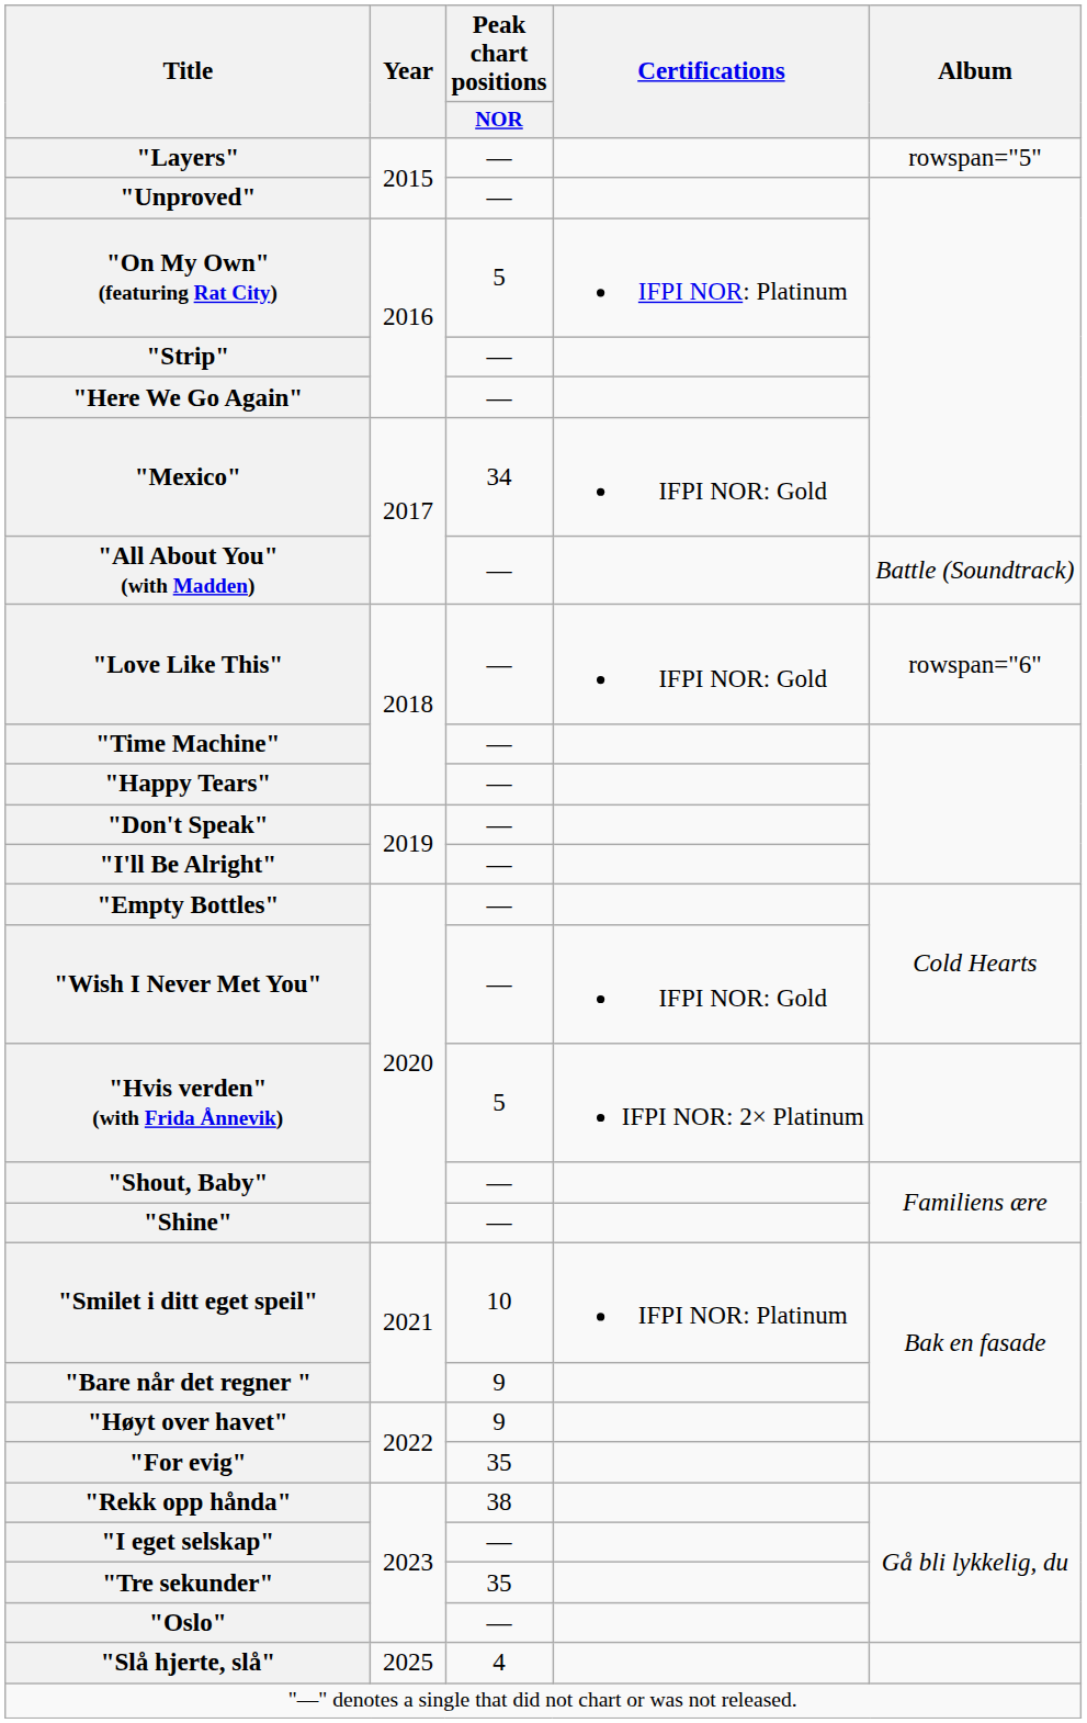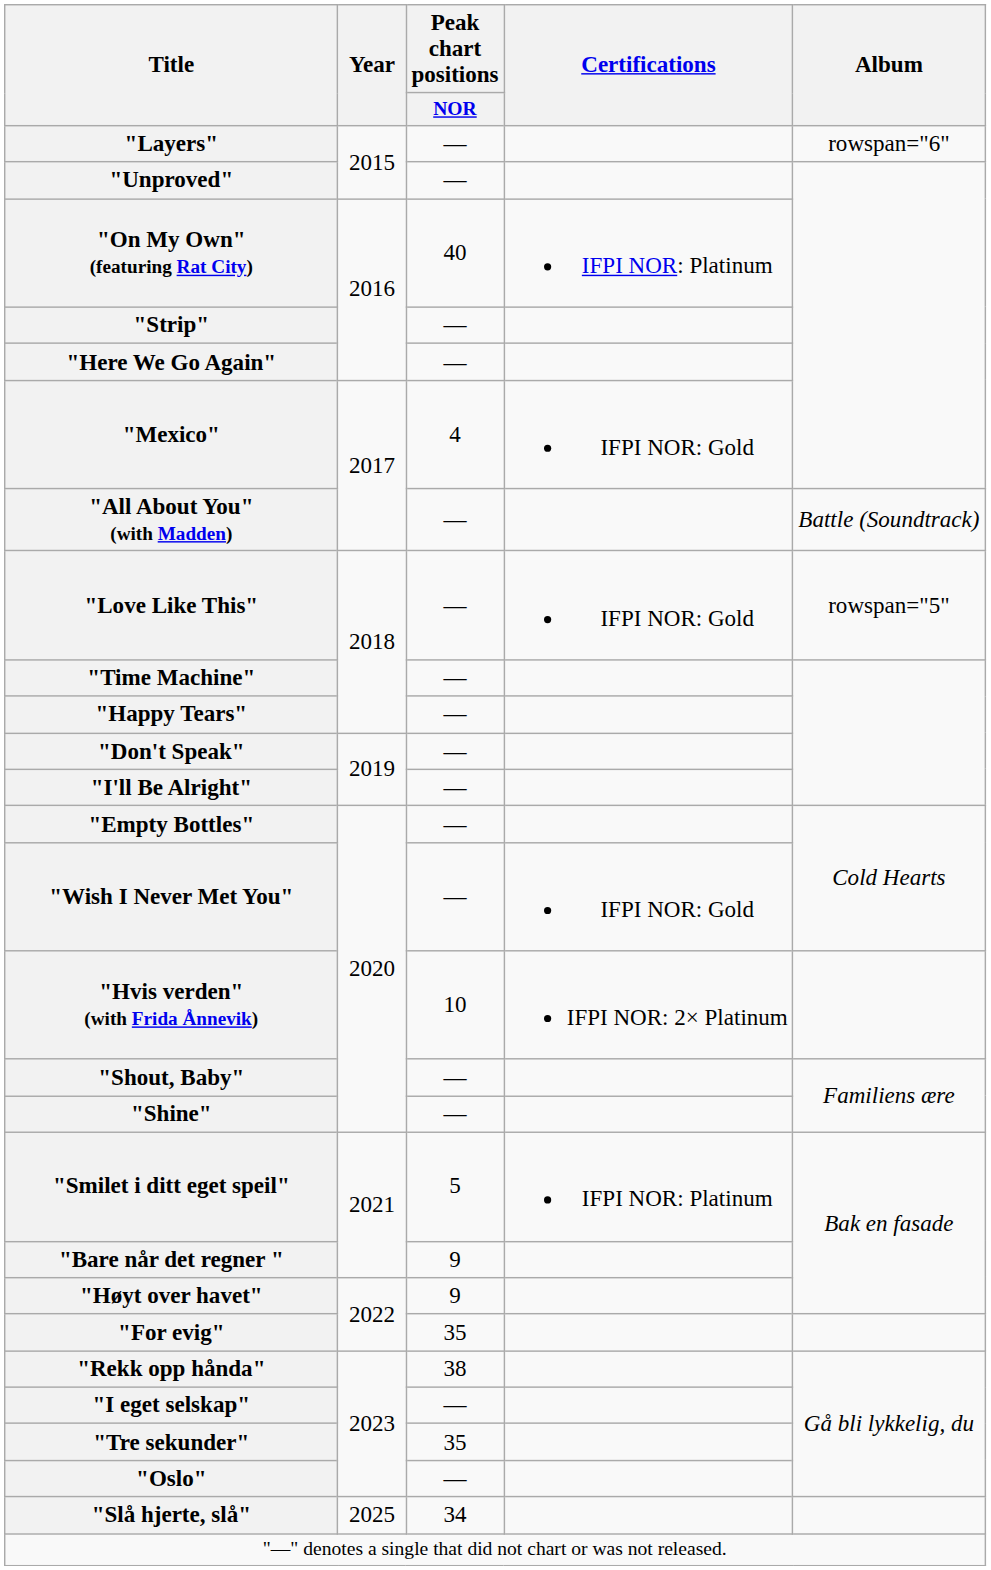 <table class="wikitable plainrowheaders" style="text-align:center;">
 <tr>
 <th scope="col" rowspan="2" style="width:14em;">Title</th>
 <th scope="col" rowspan="2" style="width:2.5em;">Year</th>
 <th scope="col" colspan="1">Peak chart positions</th>
 <th scope="col" rowspan="2"><a href='#'>Certifications</a></th>
 <th scope="col" rowspan="2">Album</th>
 </tr>
 <tr>
 <th scope="col" style="width:3.5em;font-size:85%"><a href='#'>NOR</a><br></th>
 </tr>
 <tr>
 <th scope="row">"Layers"</th>
 <td rowspan="2">2015</td>
 <td>—</td>
 <td></td>
-<td>rowspan="5" </td>
+<td>rowspan="6" </td>
 </tr>
 <tr>
 <th scope="row">"Unproved"</th>
 <td>—</td>
 <td></td>
 </tr>
 <tr>
 <th scope="row">"On My Own"<br><small>(featuring <a href='#'>Rat City</a>)</small></th>
 <td rowspan="3">2016</td>
-<td>5<br></td>
+<td>40<br></td>
 <td><br><ul><li><a href='#'>IFPI NOR</a>: Platinum</li></ul></td>
 </tr>
 <tr>
 <th scope="row">"Strip"</th>
 <td>—</td>
 <td></td>
 </tr>
 <tr>
 <th scope="row">"Here We Go Again"</th>
 <td>—</td>
 <td></td>
 </tr>
 <tr>
 <th scope="row">"Mexico"</th>
 <td rowspan="2">2017</td>
-<td>34<br></td>
+<td>4<br></td>
 <td><br><ul><li>IFPI NOR: Gold</li></ul></td>
 </tr>
 <tr>
 <th scope="row">"All About You"<br><small>(with <a href='#'>Madden</a>)</small></th>
 <td>—</td>
 <td></td>
 <td><em>Battle (Soundtrack)</em></td>
 </tr>
 <tr>
 <th scope="row">"Love Like This"</th>
 <td rowspan="3">2018</td>
 <td>—</td>
 <td><br><ul><li>IFPI NOR: Gold</li></ul></td>
-<td>rowspan="6" </td>
+<td>rowspan="5" </td>
 </tr>
 <tr>
 <th scope="row">"Time Machine"</th>
 <td>—</td>
 <td></td>
 </tr>
 <tr>
 <th scope="row">"Happy Tears"</th>
 <td>—</td>
 <td></td>
 </tr>
 <tr>
 <th scope="row">"Don't Speak"</th>
 <td rowspan="2">2019</td>
 <td>—</td>
 <td></td>
 </tr>
 <tr>
 <th scope="row">"I'll Be Alright"</th>
 <td>—</td>
 <td></td>
 </tr>
 <tr>
 <th scope="row">"Empty Bottles"</th>
 <td rowspan="5">2020</td>
 <td>—</td>
 <td></td>
 <td rowspan="2"><em>Cold Hearts</em></td>
 </tr>
 <tr>
 <th scope="row">"Wish I Never Met You"</th>
 <td>—</td>
 <td><br><ul><li>IFPI NOR: Gold</li></ul></td>
 </tr>
 <tr>
 <th scope="row">"Hvis verden"<br><small>(with <a href='#'>Frida Ånnevik</a>)</small></th>
-<td>5<br></td>
+<td>10<br></td>
 <td><br><ul><li>IFPI NOR: 2× Platinum</li></ul></td>
 <td></td>
 </tr>
 <tr>
 <th scope="row">"Shout, Baby"</th>
 <td>—</td>
 <td></td>
 <td rowspan="2"><em>Familiens ære</em></td>
 </tr>
 <tr>
 <th scope="row">"Shine"</th>
 <td>—</td>
 <td></td>
 </tr>
 <tr>
 <th scope="row">"Smilet i ditt eget speil"</th>
 <td rowspan="2">2021</td>
-<td>10<br></td>
+<td>5<br></td>
 <td><br><ul><li>IFPI NOR: Platinum</li></ul></td>
 <td rowspan="3"><em>Bak en fasade</em></td>
 </tr>
 <tr>
 <th scope="row">"Bare når det regner "</th>
 <td>9<br></td>
 <td></td>
 </tr>
 <tr>
 <th scope="row">"Høyt over havet"</th>
 <td rowspan="2">2022</td>
 <td>9<br></td>
 <td></td>
 </tr>
 <tr>
 <th scope="row">"For evig"</th>
 <td>35<br></td>
 <td></td>
 <td></td>
 </tr>
 <tr>
 <th scope="row">"Rekk opp hånda"</th>
 <td rowspan="4">2023</td>
 <td>38<br></td>
 <td></td>
 <td rowspan="4"><em>Gå bli lykkelig, du</em></td>
 </tr>
 <tr>
 <th scope="row">"I eget selskap"</th>
 <td>—</td>
 <td></td>
 </tr>
 <tr>
 <th scope="row">"Tre sekunder"</th>
 <td>35<br></td>
 <td></td>
 </tr>
 <tr>
 <th scope="row">"Oslo"</th>
 <td>—</td>
 <td></td>
 </tr>
 <tr>
 <th scope="row">"Slå hjerte, slå"</th>
 <td>2025</td>
-<td>4<br></td>
+<td>34<br></td>
 <td></td>
 <td></td>
 </tr>
 <tr>
 <td colspan="5" style="font-size:85%">"—" denotes a single that did not chart or was not released.</td>
 </tr>
 </table>
